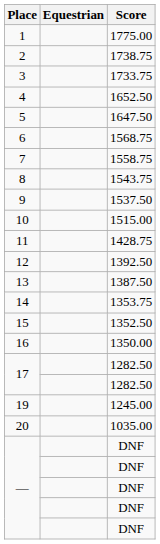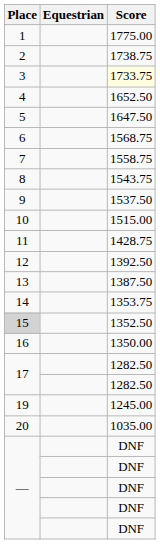 <table class=wikitable style="text-align:center">
 <tr>
 <th>Place</th>
 <th>Equestrian</th>
 <th>Score</th>
 </tr>
 <tr>
 <td>1</td>
 <td align=left></td>
 <td>1775.00</td>
 </tr>
 <tr>
 <td>2</td>
 <td align=left></td>
 <td>1738.75</td>
 </tr>
 <tr>
 <td>3</td>
 <td align=left></td>
-<td>1733.75</td>
+<td style="background: lightyellow;">1733.75</td>
 </tr>
 <tr>
 <td>4</td>
 <td align=left></td>
 <td>1652.50</td>
 </tr>
 <tr>
 <td>5</td>
 <td align=left></td>
 <td>1647.50</td>
 </tr>
 <tr>
 <td>6</td>
 <td align=left></td>
 <td>1568.75</td>
 </tr>
 <tr>
 <td>7</td>
 <td align=left></td>
 <td>1558.75</td>
 </tr>
 <tr>
 <td>8</td>
 <td align=left></td>
 <td>1543.75</td>
 </tr>
 <tr>
 <td>9</td>
 <td align=left></td>
 <td>1537.50</td>
 </tr>
 <tr>
 <td>10</td>
 <td align=left></td>
 <td>1515.00</td>
 </tr>
 <tr>
 <td>11</td>
 <td align=left></td>
 <td>1428.75</td>
 </tr>
 <tr>
 <td>12</td>
 <td align=left></td>
 <td>1392.50</td>
 </tr>
 <tr>
 <td>13</td>
 <td align=left></td>
 <td>1387.50</td>
 </tr>
 <tr>
 <td>14</td>
 <td align=left></td>
 <td>1353.75</td>
 </tr>
 <tr>
-<td>15</td>
+<td style="background: lightgrey;">15</td>
 <td align=left></td>
 <td>1352.50</td>
 </tr>
 <tr>
 <td>16</td>
 <td align=left></td>
 <td>1350.00</td>
 </tr>
 <tr>
 <td rowspan=2>17</td>
 <td align=left></td>
 <td>1282.50</td>
 </tr>
 <tr>
 <td align=left></td>
 <td>1282.50</td>
 </tr>
 <tr>
 <td>19</td>
 <td align=left></td>
 <td>1245.00</td>
 </tr>
 <tr>
 <td>20</td>
 <td align=left></td>
 <td>1035.00</td>
 </tr>
 <tr>
 <td rowspan=5>—</td>
 <td align=left></td>
 <td>DNF</td>
 </tr>
 <tr>
 <td align=left></td>
 <td>DNF</td>
 </tr>
 <tr>
 <td align=left></td>
 <td>DNF</td>
 </tr>
 <tr>
 <td align=left></td>
 <td>DNF</td>
 </tr>
 <tr>
 <td align=left></td>
 <td>DNF</td>
 </tr>
 </table>
